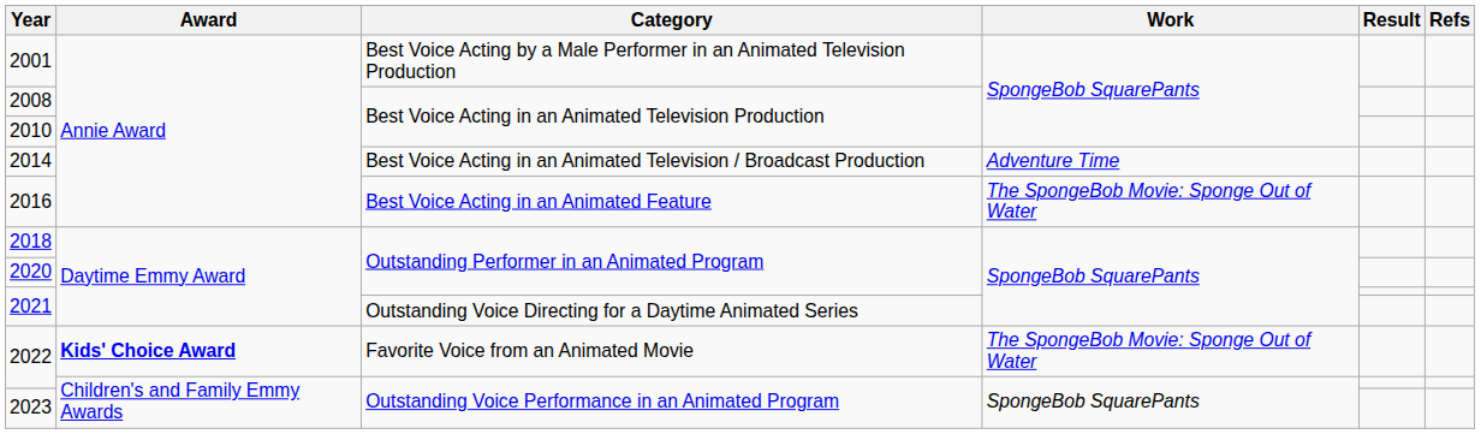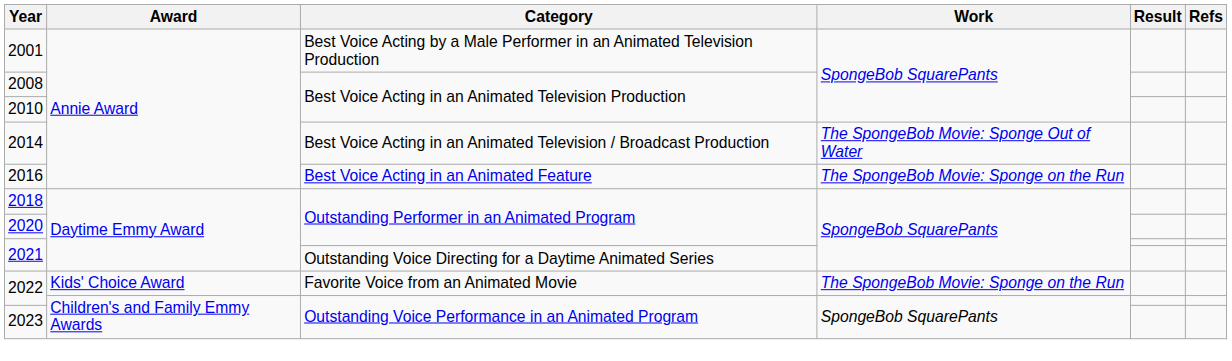 <table class="wikitable">
 <tr>
 <th>Year</th>
 <th>Award</th>
 <th>Category</th>
 <th>Work</th>
 <th>Result</th>
 <th>Refs</th>
 </tr>
 <tr>
 <td>2001</td>
 <td rowspan="5"><a href='#'>Annie Award</a></td>
 <td>Best Voice Acting by a Male Performer in an Animated Television Production</td>
 <td rowspan="3"><em><a href='#'>SpongeBob SquarePants</a></em></td>
 <td></td>
 <td style="text-align:center;"></td>
 </tr>
 <tr>
 <td>2008</td>
 <td rowspan="2">Best Voice Acting in an Animated Television Production</td>
 <td></td>
 <td style="text-align:center;"></td>
 </tr>
 <tr>
 <td>2010</td>
 <td></td>
 <td style="text-align:center;"></td>
 </tr>
 <tr>
 <td>2014</td>
 <td>Best Voice Acting in an Animated Television / Broadcast Production</td>
-<td><em><a href='#'>Adventure Time</a></em></td>
+<td><em><a href='#'>The SpongeBob Movie: Sponge Out of Water</a></em></td>
 <td></td>
 <td style="text-align:center;"></td>
 </tr>
 <tr>
 <td>2016</td>
 <td><a href='#'>Best Voice Acting in an Animated Feature</a></td>
-<td><em><a href='#'>The SpongeBob Movie: Sponge Out of Water</a></em></td>
+<td><em><a href='#'>The SpongeBob Movie: Sponge on the Run</a></em></td>
 <td></td>
 <td style="text-align:center;"></td>
 </tr>
 <tr>
 <td><a href='#'>2018</a></td>
 <td rowspan="4"><a href='#'>Daytime Emmy Award</a></td>
 <td rowspan="3"><a href='#'>Outstanding Performer in an Animated Program</a></td>
 <td rowspan="4"><em><a href='#'>SpongeBob SquarePants</a></em></td>
 <td></td>
 <td style="text-align:center;"></td>
 </tr>
 <tr>
 <td><a href='#'>2020</a></td>
 <td></td>
 <td style="text-align:center;"></td>
 </tr>
 <tr>
 <td rowspan=2><a href='#'>2021</a></td>
 <td></td>
 <td style="text-align:center;"></td>
 </tr>
 <tr>
 <td>Outstanding Voice Directing for a Daytime Animated Series</td>
 <td></td>
 </tr>
 <tr>
 <td rowspan=2>2022</td>
-<td><strong><a href='#'>Kids' Choice Award</a></strong></td>
+<td><a href='#'>Kids' Choice Award</a></td>
 <td>Favorite Voice from an Animated Movie</td>
-<td><em><a href='#'>The SpongeBob Movie: Sponge Out of Water</a></em></td>
+<td><em><a href='#'>The SpongeBob Movie: Sponge on the Run</a></em></td>
 <td></td>
 <td></td>
 </tr>
 <tr>
 <td rowspan=2><a href='#'>Children's and Family Emmy Awards</a></td>
 <td rowspan=2><a href='#'>Outstanding Voice Performance in an Animated Program</a></td>
 <td rowspan=2><em>SpongeBob SquarePants</em></td>
 <td></td>
 <td></td>
 </tr>
 <tr>
 <td>2023</td>
 <td></td>
 <td></td>
 </tr>
 </table>
